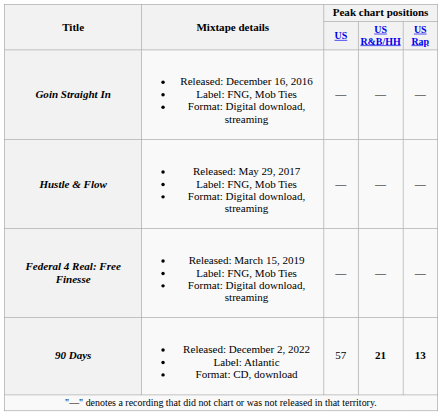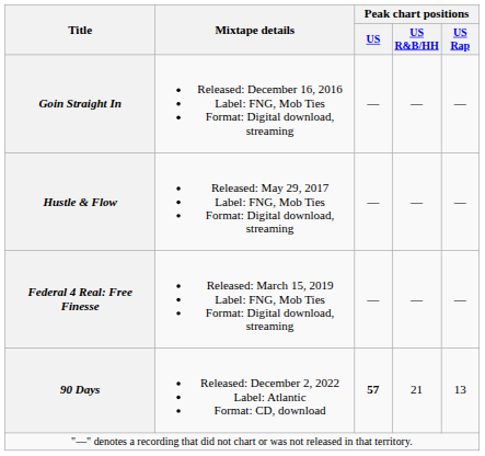 <table class="wikitable plainrowheaders" style="text-align:center;">
 <tr>
 <th scope="col" rowspan="2" style="width:12em;">Title</th>
 <th scope="col" rowspan="2" style="width:16em;">Mixtape details</th>
 <th scope="col" colspan="3">Peak chart positions</th>
 </tr>
 <tr>
 <th style="width:3em; font-size:90%"><a href='#'>US</a><br></th>
 <th style="width:3em; font-size:90%"><a href='#'>US R&B/HH</a><br></th>
 <th style="width:3em; font-size:90%"><a href='#'>US Rap</a><br></th>
 </tr>
 <tr>
 <th scope="row"><em>Goin Straight In</em></th>
 <td><br><ul><li>Released: December 16, 2016</li><li>Label: FNG, Mob Ties</li><li>Format: Digital download, streaming</li></ul></td>
 <td>—</td>
 <td>—</td>
 <td>—</td>
 </tr>
 <tr>
 <th scope="row"><em>Hustle & Flow</em></th>
 <td><br><ul><li>Released: May 29, 2017</li><li>Label: FNG, Mob Ties</li><li>Format: Digital download, streaming</li></ul></td>
 <td>—</td>
 <td>—</td>
 <td>—</td>
 </tr>
 <tr>
 <th scope="row"><em>Federal 4 Real: Free Finesse</em></th>
 <td><br><ul><li>Released: March 15, 2019</li><li>Label: FNG, Mob Ties</li><li>Format: Digital download, streaming</li></ul></td>
 <td>—</td>
 <td>—</td>
 <td>—</td>
 </tr>
 <tr>
 <th scope="row"><em>90 Days</em></th>
 <td><br><ul><li>Released: December 2, 2022</li><li>Label: Atlantic</li><li>Format: CD, download</li></ul></td>
-<td>57</td>
-<td><strong>21</strong></td>
-<td><strong>13</strong></td>
+<td><strong>57</strong></td>
+<td>21</td>
+<td>13</td>
 </tr>
 <tr>
 <td colspan="14" style="font-size:90%">"—" denotes a recording that did not chart or was not released in that territory.</td>
 </tr>
 </table>
